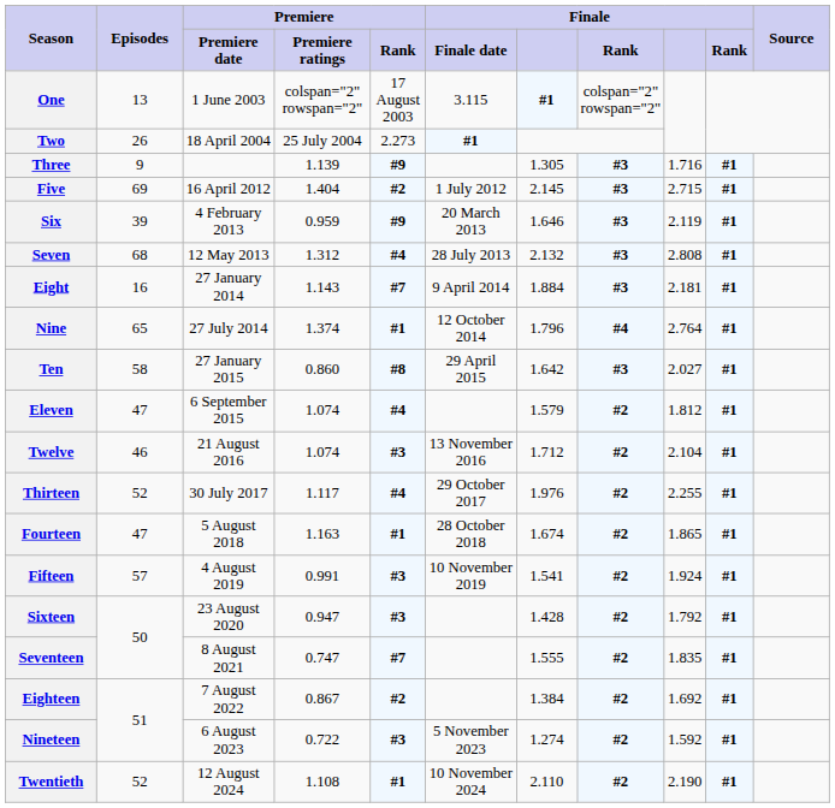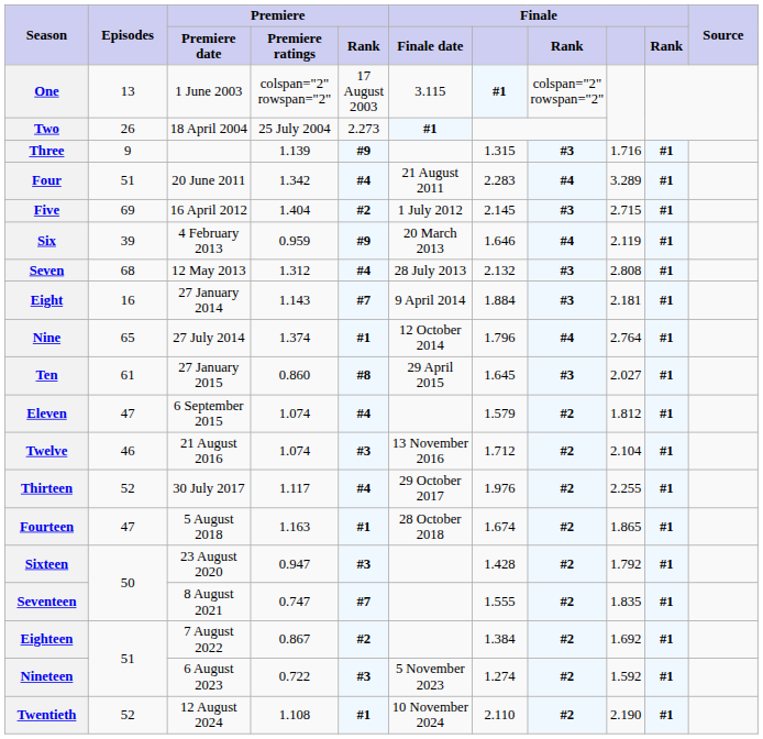 <table class="wikitable plainrowheaders" style="text-align:center;">
 <tr style="background:#DCDCDC;">
 <th rowspan="2" scope="col" scope="col" style="width:3%; width:10em; background:#cecef2; color:black;">Season</th>
 <th rowspan="2" scope="col" scope="col" style="width:3%; width:10em; background:#cecef2; color:black;">Episodes</th>
 <th colspan="3" scope="col" scope="col" style="width:10em; background:#cecef2; color:black;">Premiere</th>
 <th colspan="5" scope="col" scope="col" style="width:10em; background:#cecef2; color:black;">Finale</th>
 <th rowspan="2" scope="col" scope="col" style="width:5%; width:10em; background:#cecef2; color:black;">Source</th>
 </tr>
 <tr>
 <th scope="col" scope="col" style="width:10em; background:#cecef2; color:black;">Premiere date</th>
 <th scope="col" scope="col" style="width:8em; background:#cecef2; color:black;">Premiere<br>ratings</th>
 <th scope="col" scope="col" style="width:4em; background:#cecef2; color:black;">Rank</th>
 <th scope="col" scope="col" style="width:10em; background:#cecef2; color:black;">Finale date</th>
 <th scope="col" scope="col" style="width:8em; background:#cecef2; color:black;"><strong></strong><br><em><small></small></em></th>
 <th scope="col" scope="col" style="width:4em; background:#cecef2; color:black;">Rank</th>
 <th scope="col" scope="col" style="background:#CECEF2; color:black;"><strong></strong><br><em><small></small></em></th>
 <th scope="col" scope="col" style="width:4em; background:#cecef2; color:black;">Rank</th>
 </tr>
 <tr>
 <th scope="row" style="background:#white;"><a href='#'><strong>One</strong></a></th>
 <td>13</td>
 <td>1 June 2003</td>
 <td>colspan="2" rowspan="2" </td>
 <td>17 August 2003</td>
 <td>3.115</td>
 <td style="background:#F0F8FF"><strong>#1</strong></td>
 <td>colspan="2" rowspan="2" </td>
 <td rowspan="2"></td>
 </tr>
 <tr>
 <th scope="row" style="background:#white;"><a href='#'><strong>Two</strong></a></th>
 <td>26</td>
 <td>18 April 2004</td>
 <td>25 July 2004</td>
 <td>2.273</td>
 <td style="background:#F0F8FF"><strong>#1</strong></td>
 </tr>
 <tr>
 <th scope="row" style="background:#white;"><a href='#'><strong>Three</strong></a></th>
 <td>9</td>
 <td></td>
 <td>1.139</td>
 <td style="background:#F0F8FF"><strong>#9</strong></td>
 <td></td>
-<td>1.305</td>
+<td>1.315</td>
 <td style="background:#F0F8FF"><strong>#3</strong></td>
 <td>1.716</td>
+<td style="background:#F0F8FF"><strong>#1</strong></td>
+<td></td>
+</tr>
+<tr>
+<th scope="row" style="background:#white;"><a href='#'><strong>Four</strong></a></th>
+<td>51</td>
+<td>20 June 2011</td>
+<td>1.342</td>
+<td style="background:#F0F8FF"><strong>#4</strong></td>
+<td>21 August 2011</td>
+<td>2.283</td>
+<td style="background:#F0F8FF"><strong>#4</strong></td>
+<td>3.289</td>
 <td style="background:#F0F8FF"><strong>#1</strong></td>
 <td></td>
 </tr>
 <tr>
 <th scope="row" style="background:#white;"><a href='#'><strong>Five</strong></a></th>
 <td>69</td>
 <td>16 April 2012</td>
 <td>1.404</td>
 <td style="background:#F0F8FF"><strong>#2</strong></td>
 <td>1 July 2012</td>
 <td>2.145</td>
 <td style="background:#F0F8FF"><strong>#3</strong></td>
 <td>2.715</td>
 <td style="background:#F0F8FF"><strong>#1</strong></td>
 <td></td>
 </tr>
 <tr>
 <th scope="row" style="background:#white;"><a href='#'><strong>Six</strong></a></th>
 <td>39</td>
 <td>4 February 2013</td>
 <td>0.959</td>
 <td style="background:#F0F8FF"><strong>#9</strong></td>
 <td>20 March 2013</td>
 <td>1.646</td>
-<td style="background:#F0F8FF"><strong>#3</strong></td>
+<td style="background:#F0F8FF"><strong>#4</strong></td>
 <td>2.119</td>
 <td style="background:#F0F8FF"><strong>#1</strong></td>
 <td></td>
 </tr>
 <tr>
 <th scope="row" style="background:#white;"><a href='#'><strong>Seven</strong></a></th>
 <td>68</td>
 <td>12 May 2013</td>
 <td>1.312</td>
 <td style="background:#F0F8FF"><strong>#4</strong></td>
 <td>28 July 2013</td>
 <td>2.132</td>
 <td style="background:#F0F8FF"><strong>#3</strong></td>
 <td>2.808</td>
 <td style="background:#F0F8FF"><strong>#1</strong></td>
 <td></td>
 </tr>
 <tr>
 <th scope="row" style="background:#white;"><a href='#'><strong>Eight</strong></a></th>
 <td>16</td>
 <td>27 January 2014</td>
 <td>1.143</td>
 <td style="background:#F0F8FF"><strong>#7</strong></td>
 <td>9 April 2014</td>
 <td>1.884</td>
 <td style="background:#F0F8FF"><strong>#3</strong></td>
 <td>2.181</td>
 <td style="background:#F0F8FF"><strong>#1</strong></td>
 <td></td>
 </tr>
 <tr>
 <th scope="row" style="background:#white;"><a href='#'><strong>Nine</strong></a></th>
 <td>65</td>
 <td>27 July 2014</td>
 <td>1.374</td>
 <td style="background:#F0F8FF"><strong>#1</strong></td>
 <td>12 October 2014</td>
 <td>1.796</td>
 <td style="background:#F0F8FF"><strong>#4</strong></td>
 <td>2.764</td>
 <td style="background:#F0F8FF"><strong>#1</strong></td>
 <td></td>
 </tr>
 <tr>
 <th scope="row" style="background:#white;"><a href='#'><strong>Ten</strong></a></th>
-<td>58</td>
+<td>61</td>
 <td>27 January 2015</td>
 <td>0.860</td>
 <td style="background:#F0F8FF"><strong>#8</strong></td>
 <td>29 April 2015</td>
-<td>1.642</td>
+<td>1.645</td>
 <td style="background:#F0F8FF"><strong>#3</strong></td>
 <td>2.027</td>
 <td style="background:#F0F8FF"><strong>#1</strong></td>
 <td></td>
 </tr>
 <tr>
 <th scope="row" style="background:#white;"><a href='#'><strong>Eleven</strong></a></th>
 <td>47</td>
 <td>6 September 2015</td>
 <td>1.074</td>
 <td style="background:#F0F8FF"><strong>#4</strong></td>
 <td></td>
 <td>1.579</td>
 <td style="background:#F0F8FF"><strong>#2</strong></td>
 <td>1.812</td>
 <td style="background:#F0F8FF"><strong>#1</strong></td>
 <td></td>
 </tr>
 <tr>
 <th scope="row" style="background:#white;"><a href='#'><strong>Twelve</strong></a></th>
 <td>46</td>
 <td>21 August 2016</td>
 <td>1.074</td>
 <td style="background:#F0F8FF"><strong>#3</strong></td>
 <td>13 November 2016</td>
 <td>1.712</td>
 <td style="background:#F0F8FF"><strong>#2</strong></td>
 <td>2.104</td>
 <td style="background:#F0F8FF"><strong>#1</strong></td>
 <td></td>
 </tr>
 <tr>
 <th scope="row" style="background:#white;"><a href='#'><strong>Thirteen</strong></a></th>
 <td>52</td>
 <td>30 July 2017</td>
 <td>1.117</td>
 <td style="background:#F0F8FF"><strong>#4</strong></td>
 <td>29 October 2017</td>
 <td>1.976</td>
 <td style="background:#F0F8FF"><strong>#2</strong></td>
 <td>2.255</td>
 <td style="background:#F0F8FF"><strong>#1</strong></td>
 <td></td>
 </tr>
 <tr>
 <th scope="row" style="background:#white;"><a href='#'><strong>Fourteen</strong></a></th>
 <td>47</td>
 <td>5 August 2018</td>
 <td>1.163</td>
 <td style="background:#F0F8FF"><strong>#1</strong></td>
 <td>28 October 2018</td>
 <td>1.674</td>
 <td style="background:#F0F8FF"><strong>#2</strong></td>
 <td>1.865</td>
-<td style="background:#F0F8FF"><strong>#1</strong></td>
-<td></td>
-</tr>
-<tr>
-<th scope="row" style="background:#white;"><a href='#'><strong>Fifteen</strong></a></th>
-<td>57</td>
-<td>4 August 2019</td>
-<td>0.991</td>
-<td style="background:#F0F8FF"><strong>#3</strong></td>
-<td>10 November 2019</td>
-<td>1.541</td>
-<td style="background:#F0F8FF"><strong>#2</strong></td>
-<td>1.924</td>
 <td style="background:#F0F8FF"><strong>#1</strong></td>
 <td></td>
 </tr>
 <tr>
 <th scope="row" style="background:#white;"><a href='#'><strong>Sixteen</strong></a></th>
 <td rowspan=2>50</td>
 <td>23 August 2020</td>
 <td>0.947</td>
 <td style="background:#F0F8FF"><strong>#3</strong></td>
 <td></td>
 <td>1.428</td>
 <td style="background:#F0F8FF"><strong>#2</strong></td>
 <td>1.792</td>
 <td style="background:#F0F8FF"><strong>#1</strong></td>
 <td></td>
 </tr>
 <tr>
 <th scope="row" style="background:#white;"><a href='#'><strong>Seventeen</strong></a></th>
 <td>8 August 2021</td>
 <td>0.747</td>
 <td style="background:#F0F8FF"><strong>#7</strong></td>
 <td></td>
 <td>1.555</td>
 <td style="background:#F0F8FF"><strong>#2</strong></td>
 <td>1.835</td>
 <td style="background:#F0F8FF"><strong>#1</strong></td>
 <td></td>
 </tr>
 <tr>
 <th scope="row" style="background:#white;"><a href='#'><strong>Eighteen</strong></a></th>
 <td rowspan=2>51</td>
 <td>7 August 2022</td>
 <td>0.867</td>
 <td style="background:#F0F8FF"><strong>#2</strong></td>
 <td></td>
 <td>1.384</td>
 <td style="background:#F0F8FF"><strong>#2</strong></td>
 <td>1.692</td>
 <td style="background:#F0F8FF"><strong>#1</strong></td>
 <td></td>
 </tr>
 <tr>
 <th scope="row" style="background:#white;"><a href='#'><strong>Nineteen</strong></a></th>
 <td>6 August 2023</td>
 <td>0.722</td>
 <td style="background:#F0F8FF"><strong>#3</strong></td>
 <td>5 November 2023</td>
 <td>1.274</td>
 <td style="background:#F0F8FF"><strong>#2</strong></td>
 <td>1.592</td>
 <td style="background:#F0F8FF"><strong>#1</strong></td>
 <td></td>
 </tr>
 <tr>
 <th scope="row" style="background:#white;"><a href='#'><strong>Twentieth</strong></a></th>
 <td>52</td>
 <td>12 August 2024</td>
 <td>1.108</td>
 <td style="background:#F0F8FF"><strong>#1</strong></td>
 <td>10 November 2024</td>
 <td>2.110</td>
 <td style="background:#F0F8FF"><strong>#2</strong></td>
 <td>2.190</td>
 <td style="background:#F0F8FF"><strong>#1</strong></td>
 <td></td>
 </tr>
 </table>
